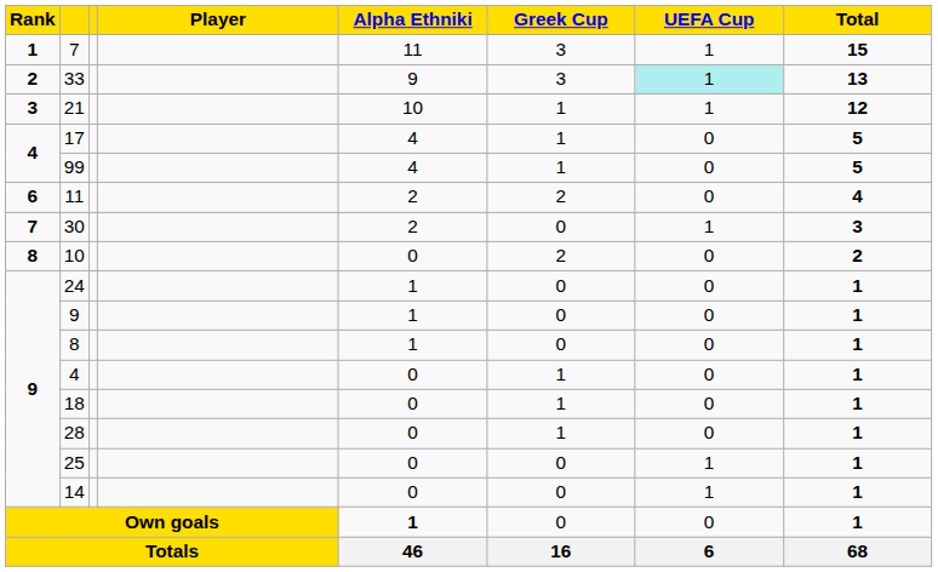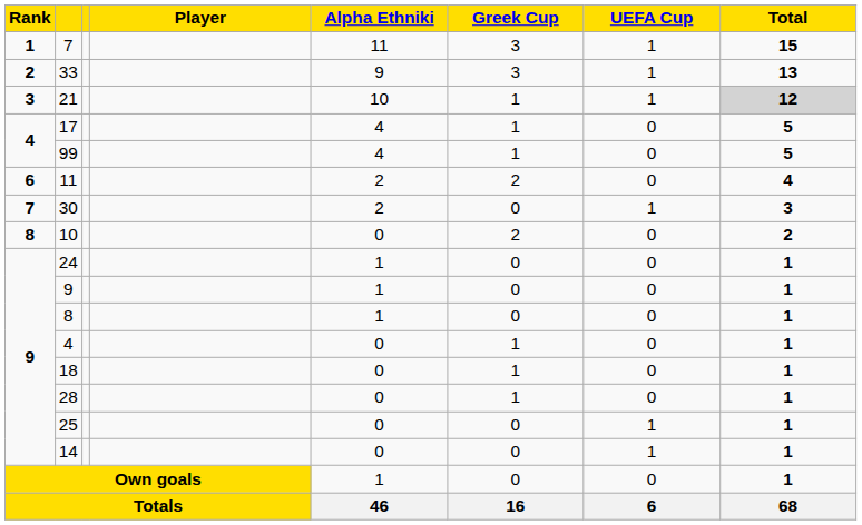 <table class="wikitable sortable" style="text-align: center">
 <tr>
 <th style="background:#FFDE00">Rank</th>
 <th style="background:#FFDE00"></th>
 <th style="background:#FFDE00"></th>
 <th width=200 style="background:#FFDE00">Player</th>
 <th width=120 style="background:#FFDE00"><a href='#'>Alpha Ethniki</a></th>
 <th width=120 style="background:#FFDE00"><a href='#'>Greek Cup</a></th>
 <th width=120 style="background:#FFDE00"><a href='#'>UEFA Cup</a></th>
 <th width=120 style="background:#FFDE00">Total</th>
 </tr>
 <tr>
 <td><strong>1</strong></td>
 <td>7</td>
 <td></td>
 <td align=left></td>
 <td>11</td>
 <td>3</td>
 <td>1</td>
 <td><strong>15</strong></td>
 </tr>
 <tr>
 <td><strong>2</strong></td>
 <td>33</td>
 <td></td>
 <td align=left></td>
 <td>9</td>
 <td>3</td>
-<td style="background: paleturquoise;">1</td>
+<td>1</td>
 <td><strong>13</strong></td>
 </tr>
 <tr>
 <td><strong>3</strong></td>
 <td>21</td>
 <td></td>
 <td align=left></td>
 <td>10</td>
 <td>1</td>
 <td>1</td>
-<td><strong>12</strong></td>
+<td style="background: lightgrey;"><strong>12</strong></td>
 </tr>
 <tr>
 <td rowspan=2><strong>4</strong></td>
 <td>17</td>
 <td></td>
 <td align=left></td>
 <td>4</td>
 <td>1</td>
 <td>0</td>
 <td><strong>5</strong></td>
 </tr>
 <tr>
 <td>99</td>
 <td></td>
 <td align=left></td>
 <td>4</td>
 <td>1</td>
 <td>0</td>
 <td><strong>5</strong></td>
 </tr>
 <tr>
 <td><strong>6</strong></td>
 <td>11</td>
 <td></td>
 <td align=left></td>
 <td>2</td>
 <td>2</td>
 <td>0</td>
 <td><strong>4</strong></td>
 </tr>
 <tr>
 <td><strong>7</strong></td>
 <td>30</td>
 <td></td>
 <td align=left></td>
 <td>2</td>
 <td>0</td>
 <td>1</td>
 <td><strong>3</strong></td>
 </tr>
 <tr>
 <td><strong>8</strong></td>
 <td>10</td>
 <td></td>
 <td align=left></td>
 <td>0</td>
 <td>2</td>
 <td>0</td>
 <td><strong>2</strong></td>
 </tr>
 <tr>
 <td rowspan=8><strong>9</strong></td>
 <td>24</td>
 <td></td>
 <td align=left></td>
 <td>1</td>
 <td>0</td>
 <td>0</td>
 <td><strong>1</strong></td>
 </tr>
 <tr>
 <td>9</td>
 <td></td>
 <td align=left></td>
 <td>1</td>
 <td>0</td>
 <td>0</td>
 <td><strong>1</strong></td>
 </tr>
 <tr>
 <td>8</td>
 <td></td>
 <td align=left></td>
 <td>1</td>
 <td>0</td>
 <td>0</td>
 <td><strong>1</strong></td>
 </tr>
 <tr>
 <td>4</td>
 <td></td>
 <td align=left></td>
 <td>0</td>
 <td>1</td>
 <td>0</td>
 <td><strong>1</strong></td>
 </tr>
 <tr>
 <td>18</td>
 <td></td>
 <td align=left></td>
 <td>0</td>
 <td>1</td>
 <td>0</td>
 <td><strong>1</strong></td>
 </tr>
 <tr>
 <td>28</td>
 <td></td>
 <td align=left></td>
 <td>0</td>
 <td>1</td>
 <td>0</td>
 <td><strong>1</strong></td>
 </tr>
 <tr>
 <td>25</td>
 <td></td>
 <td align=left></td>
 <td>0</td>
 <td>0</td>
 <td>1</td>
 <td><strong>1</strong></td>
 </tr>
 <tr>
 <td>14</td>
 <td></td>
 <td align=left></td>
 <td>0</td>
 <td>0</td>
 <td>1</td>
 <td><strong>1</strong></td>
 </tr>
 <tr class="sortbottom">
 <td colspan=4 style="background:#FFDE00"><strong>Own goals</strong></td>
-<td><strong>1</strong></td>
+<td>1</td>
 <td>0</td>
 <td>0</td>
 <td><strong>1</strong></td>
 </tr>
 <tr class="sortbottom">
 <th colspan=4 style="background:#FFDE00"><strong>Totals</strong></th>
 <th><strong>46</strong></th>
 <th><strong>16</strong></th>
 <th><strong> 6</strong></th>
 <th><strong>68</strong></th>
 </tr>
 </table>
